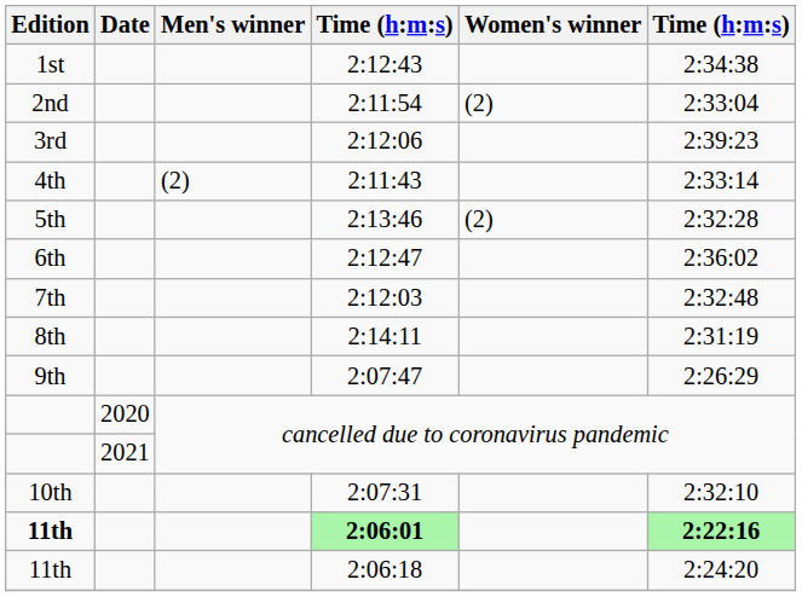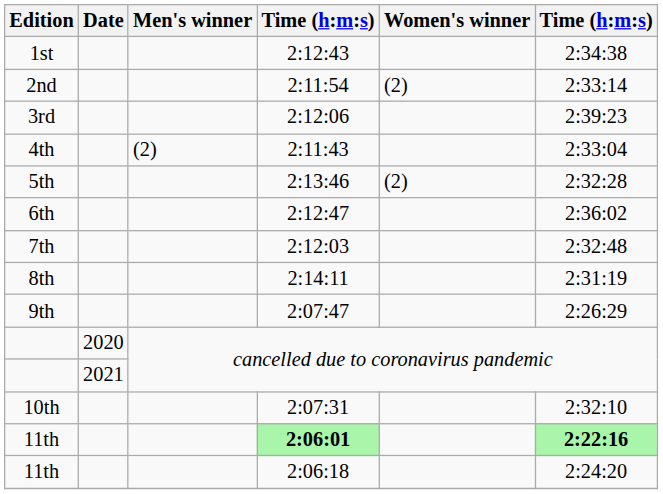 <table class="wikitable sortable" style="text-align:center">
 <tr>
 <th class=unsortable>Edition</th>
 <th>Date</th>
 <th class=unsortable>Men's winner</th>
 <th>Time (<a href='#'>h</a>:<a href='#'>m</a>:<a href='#'>s</a>)</th>
 <th class=unsortable>Women's winner</th>
 <th>Time (<a href='#'>h</a>:<a href='#'>m</a>:<a href='#'>s</a>)</th>
 </tr>
 <tr>
 <td>1st</td>
 <td></td>
 <td align=left></td>
 <td>2:12:43</td>
 <td align=left></td>
 <td>2:34:38</td>
 </tr>
 <tr>
 <td>2nd</td>
 <td></td>
 <td align=left></td>
 <td>2:11:54</td>
 <td align=left> (2)</td>
-<td>2:33:04</td>
+<td>2:33:14</td>
 </tr>
 <tr>
 <td>3rd</td>
 <td></td>
 <td align=left></td>
 <td>2:12:06</td>
 <td align=left></td>
 <td>2:39:23</td>
 </tr>
 <tr>
 <td>4th</td>
 <td></td>
 <td align=left> (2)</td>
 <td>2:11:43</td>
 <td align=left></td>
-<td>2:33:14</td>
+<td>2:33:04</td>
 </tr>
 <tr>
 <td>5th</td>
 <td></td>
 <td align=left></td>
 <td>2:13:46</td>
 <td align=left> (2)</td>
 <td>2:32:28</td>
 </tr>
 <tr>
 <td>6th</td>
 <td></td>
 <td align=left></td>
 <td>2:12:47</td>
 <td align=left></td>
 <td>2:36:02</td>
 </tr>
 <tr>
 <td>7th</td>
 <td></td>
 <td align=left></td>
 <td>2:12:03</td>
 <td align=left></td>
 <td>2:32:48</td>
 </tr>
 <tr>
 <td>8th</td>
 <td></td>
 <td align=left></td>
 <td>2:14:11</td>
 <td align=left></td>
 <td>2:31:19</td>
 </tr>
 <tr>
 <td>9th</td>
 <td></td>
 <td align=left></td>
 <td>2:07:47</td>
 <td align=left></td>
 <td>2:26:29</td>
 </tr>
 <tr>
 <td></td>
 <td>2020</td>
 <td rowspan=2 colspan="4" align="center"><em>cancelled due to coronavirus pandemic</em></td>
 </tr>
 <tr>
 <td></td>
 <td>2021</td>
 </tr>
 <tr>
 <td>10th</td>
 <td></td>
 <td align=left></td>
 <td>2:07:31</td>
 <td align=left></td>
 <td>2:32:10</td>
 </tr>
 <tr>
-<td><strong>11th</strong></td>
+<td>11th</td>
 <td></td>
 <td align=left></td>
 <td style="background:#A9F5A9"><strong>2:06:01</strong></td>
 <td align=left></td>
 <td style="background:#A9F5A9"><strong>2:22:16</strong></td>
 </tr>
 <tr>
 <td>11th</td>
 <td></td>
 <td align=left></td>
 <td>2:06:18</td>
 <td align=left></td>
 <td>2:24:20</td>
 </tr>
 <tr>
 </tr>
 </table>
